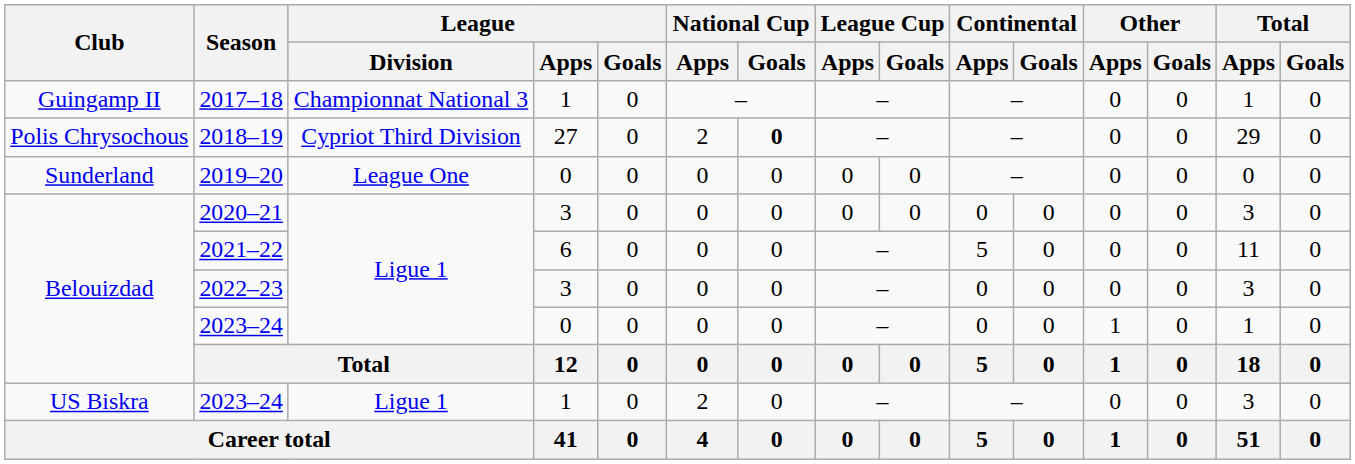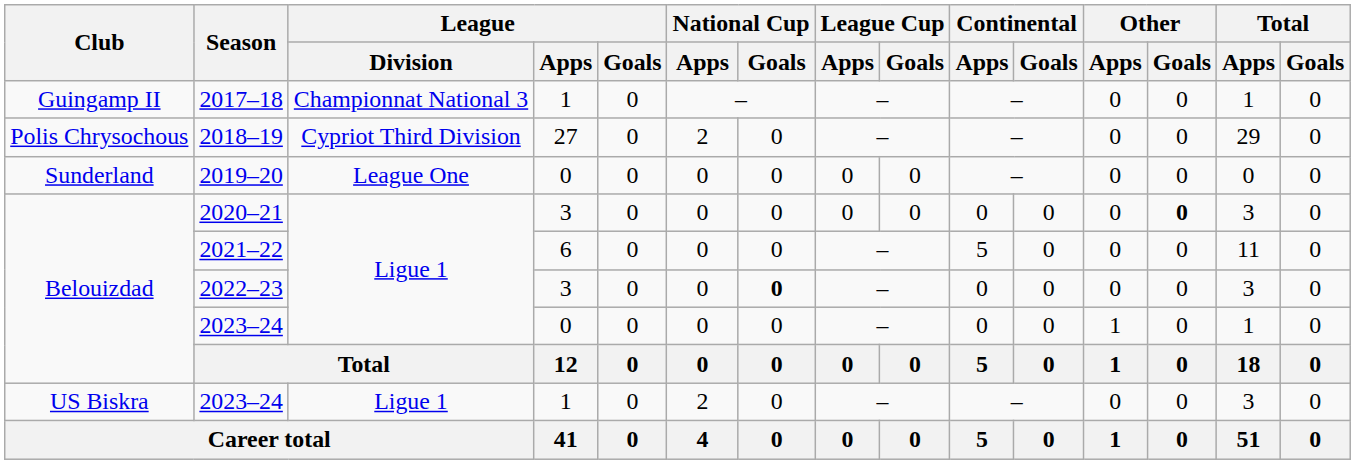 <table class=wikitable style=text-align:center>
 <tr>
 <th rowspan="2">Club</th>
 <th rowspan="2">Season</th>
 <th colspan="3">League</th>
 <th colspan="2">National Cup</th>
 <th colspan="2">League Cup</th>
 <th colspan="2">Continental</th>
 <th colspan="2">Other</th>
 <th colspan="2">Total</th>
 </tr>
 <tr>
 <th>Division</th>
 <th>Apps</th>
 <th>Goals</th>
 <th>Apps</th>
 <th>Goals</th>
 <th>Apps</th>
 <th>Goals</th>
 <th>Apps</th>
 <th>Goals</th>
 <th>Apps</th>
 <th>Goals</th>
 <th>Apps</th>
 <th>Goals</th>
 </tr>
 <tr>
 <td><a href='#'>Guingamp II</a></td>
 <td><a href='#'>2017–18</a></td>
 <td><a href='#'>Championnat National 3</a></td>
 <td>1</td>
 <td>0</td>
 <td colspan="2">–</td>
 <td colspan="2">–</td>
 <td colspan="2">–</td>
 <td>0</td>
 <td>0</td>
 <td>1</td>
 <td>0</td>
 </tr>
 <tr>
 <td><a href='#'>Polis Chrysochous</a></td>
 <td><a href='#'>2018–19</a></td>
 <td><a href='#'>Cypriot Third Division</a></td>
 <td>27</td>
 <td>0</td>
 <td>2</td>
-<td><strong>0</strong></td>
+<td>0</td>
 <td colspan="2">–</td>
 <td colspan="2">–</td>
 <td>0</td>
 <td>0</td>
 <td>29</td>
 <td>0</td>
 </tr>
 <tr>
 <td><a href='#'>Sunderland</a></td>
 <td><a href='#'>2019–20</a></td>
 <td><a href='#'>League One</a></td>
 <td>0</td>
 <td>0</td>
 <td>0</td>
 <td>0</td>
 <td>0</td>
 <td>0</td>
 <td colspan="2">–</td>
 <td>0</td>
 <td>0</td>
 <td>0</td>
 <td>0</td>
 </tr>
 <tr>
 <td rowspan="5"><a href='#'>Belouizdad</a></td>
 <td><a href='#'>2020–21</a></td>
 <td rowspan="4"><a href='#'>Ligue 1</a></td>
 <td>3</td>
 <td>0</td>
 <td>0</td>
 <td>0</td>
 <td>0</td>
 <td>0</td>
 <td>0</td>
 <td>0</td>
 <td>0</td>
-<td>0</td>
+<td><strong>0</strong></td>
 <td>3</td>
 <td>0</td>
 </tr>
 <tr>
 <td><a href='#'>2021–22</a></td>
 <td>6</td>
 <td>0</td>
 <td>0</td>
 <td>0</td>
 <td colspan="2">–</td>
 <td>5</td>
 <td>0</td>
 <td>0</td>
 <td>0</td>
 <td>11</td>
 <td>0</td>
 </tr>
 <tr>
 <td><a href='#'>2022–23</a></td>
 <td>3</td>
 <td>0</td>
 <td>0</td>
-<td>0</td>
+<td><strong>0</strong></td>
 <td colspan="2">–</td>
 <td>0</td>
 <td>0</td>
 <td>0</td>
 <td>0</td>
 <td>3</td>
 <td>0</td>
 </tr>
 <tr>
 <td><a href='#'>2023–24</a></td>
 <td>0</td>
 <td>0</td>
 <td>0</td>
 <td>0</td>
 <td colspan="2">–</td>
 <td>0</td>
 <td>0</td>
 <td>1</td>
 <td>0</td>
 <td>1</td>
 <td>0</td>
 </tr>
 <tr>
 <th colspan="2">Total</th>
 <th>12</th>
 <th>0</th>
 <th>0</th>
 <th>0</th>
 <th>0</th>
 <th>0</th>
 <th>5</th>
 <th>0</th>
 <th>1</th>
 <th>0</th>
 <th>18</th>
 <th>0</th>
 </tr>
 <tr>
 <td><a href='#'>US Biskra</a></td>
 <td><a href='#'>2023–24</a></td>
 <td><a href='#'>Ligue 1</a></td>
 <td>1</td>
 <td>0</td>
 <td>2</td>
 <td>0</td>
 <td colspan="2">–</td>
 <td colspan="2">–</td>
 <td>0</td>
 <td>0</td>
 <td>3</td>
 <td>0</td>
 </tr>
 <tr>
 <th colspan="3">Career total</th>
 <th>41</th>
 <th>0</th>
 <th>4</th>
 <th>0</th>
 <th>0</th>
 <th>0</th>
 <th>5</th>
 <th>0</th>
 <th>1</th>
 <th>0</th>
 <th>51</th>
 <th>0</th>
 </tr>
 </table>
